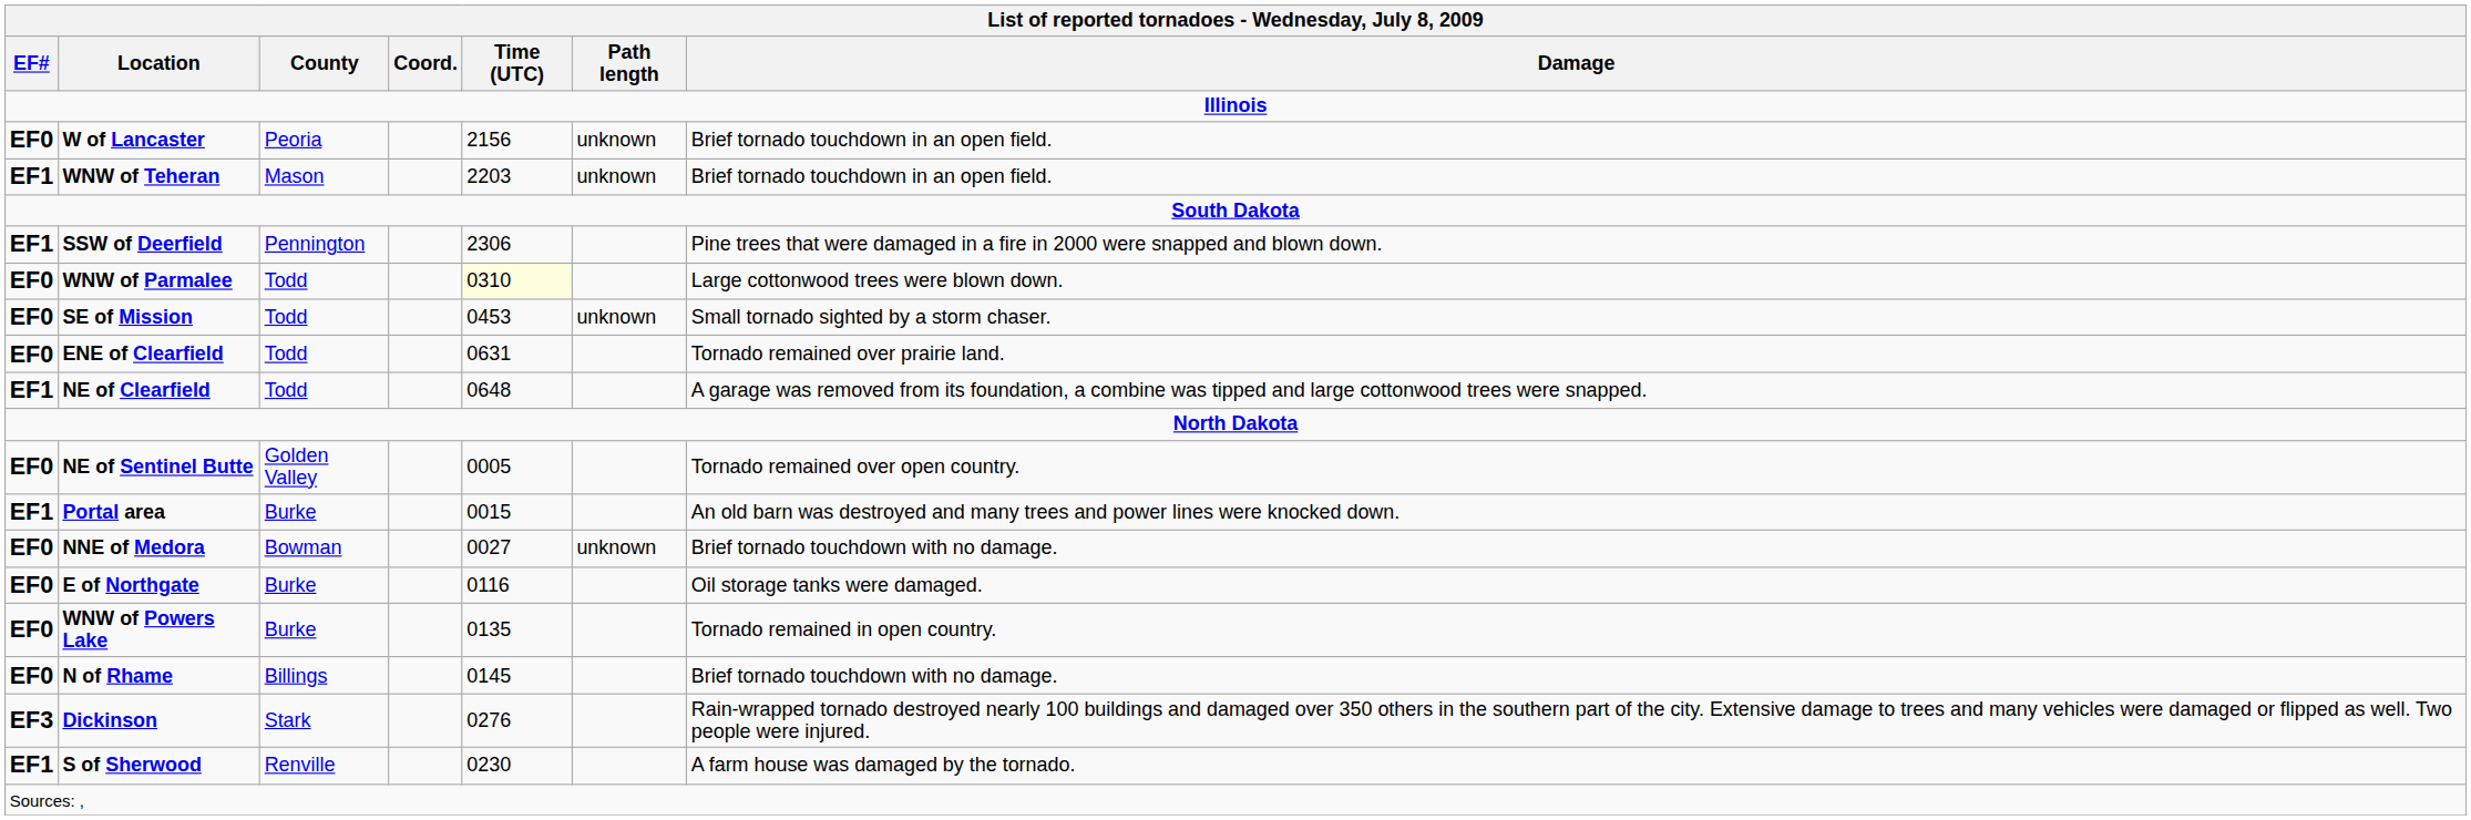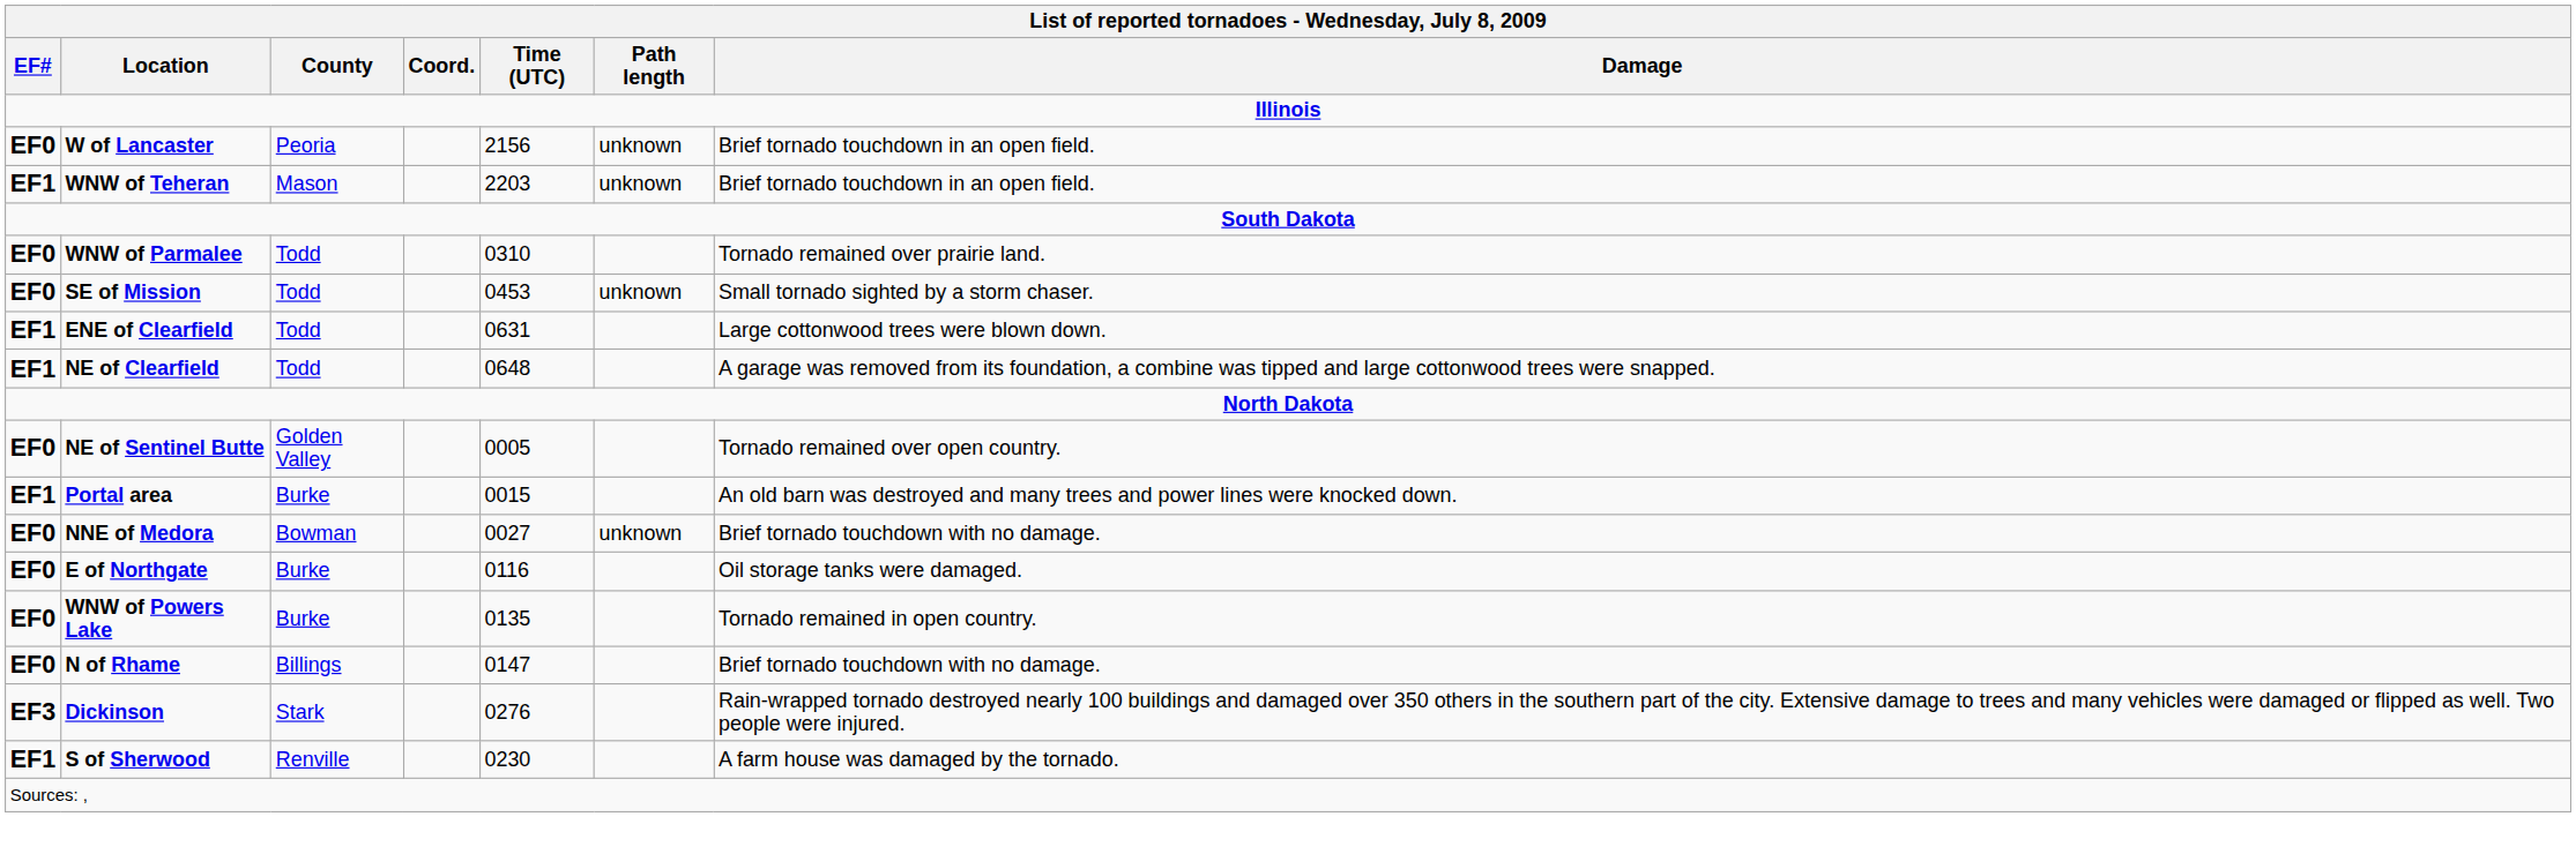 <table class="wikitable collapsible" style="width:100%;">
 <tr>
 <th colspan="7">List of reported tornadoes - Wednesday, July 8, 2009</th>
 </tr>
 <tr>
 <th><a href='#'>EF#</a></th>
 <th>Location</th>
 <th>County</th>
 <th>Coord.</th>
 <th>Time (UTC)</th>
 <th>Path length</th>
 <th>Damage</th>
 </tr>
 <tr>
 <td colspan="7" style="text-align:center;"><strong><a href='#'>Illinois</a></strong></td>
 </tr>
 <tr>
 <td><big><strong>EF0</strong></big></td>
 <td><strong>W of <a href='#'>Lancaster</a></strong></td>
 <td><a href='#'>Peoria</a></td>
 <td></td>
 <td>2156</td>
 <td>unknown</td>
 <td>Brief tornado touchdown in an open field.</td>
 </tr>
 <tr>
 <td><big><strong>EF1</strong></big></td>
 <td><strong>WNW of <a href='#'>Teheran</a></strong></td>
 <td><a href='#'>Mason</a></td>
 <td></td>
 <td>2203</td>
 <td>unknown</td>
 <td>Brief tornado touchdown in an open field.</td>
 </tr>
 <tr>
 <td colspan="7" style="text-align:center;"><strong><a href='#'>South Dakota</a></strong></td>
 </tr>
 <tr>
-<td><big><strong>EF1</strong></big></td>
-<td><strong>SSW of <a href='#'>Deerfield</a></strong></td>
-<td><a href='#'>Pennington</a></td>
-<td></td>
-<td>2306</td>
-<td></td>
-<td>Pine trees that were damaged in a fire in 2000 were snapped and blown down.</td>
-</tr>
-<tr>
 <td><big><strong>EF0</strong></big></td>
 <td><strong>WNW of <a href='#'>Parmalee</a></strong></td>
 <td><a href='#'>Todd</a></td>
 <td></td>
-<td style="background: lightyellow;">0310</td>
+<td>0310</td>
 <td></td>
-<td>Large cottonwood trees were blown down.</td>
+<td>Tornado remained over prairie land.</td>
 </tr>
 <tr>
 <td><big><strong>EF0</strong></big></td>
 <td><strong>SE of <a href='#'>Mission</a></strong></td>
 <td><a href='#'>Todd</a></td>
 <td></td>
 <td>0453</td>
 <td>unknown</td>
 <td>Small tornado sighted by a storm chaser.</td>
 </tr>
 <tr>
-<td><big><strong>EF0</strong></big></td>
+<td><big><strong>EF1</strong></big></td>
 <td><strong>ENE of <a href='#'>Clearfield</a></strong></td>
 <td><a href='#'>Todd</a></td>
 <td></td>
 <td>0631</td>
 <td></td>
-<td>Tornado remained over prairie land.</td>
+<td>Large cottonwood trees were blown down.</td>
 </tr>
 <tr>
 <td><big><strong>EF1</strong></big></td>
 <td><strong>NE of <a href='#'>Clearfield</a></strong></td>
 <td><a href='#'>Todd</a></td>
 <td></td>
 <td>0648</td>
 <td></td>
 <td>A garage was removed from its foundation, a combine was tipped and large cottonwood trees were snapped.</td>
 </tr>
 <tr>
 <td colspan="7" style="text-align:center;"><strong><a href='#'>North Dakota</a></strong></td>
 </tr>
 <tr>
 <td><big><strong>EF0</strong></big></td>
 <td><strong>NE of <a href='#'>Sentinel Butte</a></strong></td>
 <td><a href='#'>Golden Valley</a></td>
 <td></td>
 <td>0005</td>
 <td></td>
 <td>Tornado remained over open country.</td>
 </tr>
 <tr>
 <td><big><strong>EF1</strong></big></td>
 <td><strong><a href='#'>Portal</a> area</strong></td>
 <td><a href='#'>Burke</a></td>
 <td></td>
 <td>0015</td>
 <td></td>
 <td>An old barn was destroyed and many trees and power lines were knocked down.</td>
 </tr>
 <tr>
 <td><big><strong>EF0</strong></big></td>
 <td><strong>NNE of <a href='#'>Medora</a></strong></td>
 <td><a href='#'>Bowman</a></td>
 <td></td>
 <td>0027</td>
 <td>unknown</td>
 <td>Brief tornado touchdown with no damage.</td>
 </tr>
 <tr>
 <td><big><strong>EF0</strong></big></td>
 <td><strong>E of <a href='#'>Northgate</a></strong></td>
 <td><a href='#'>Burke</a></td>
 <td></td>
 <td>0116</td>
 <td></td>
 <td>Oil storage tanks were damaged.</td>
 </tr>
 <tr>
 <td><big><strong>EF0</strong></big></td>
 <td><strong>WNW of <a href='#'>Powers Lake</a></strong></td>
 <td><a href='#'>Burke</a></td>
 <td></td>
 <td>0135</td>
 <td></td>
 <td>Tornado remained in open country.</td>
 </tr>
 <tr>
 <td><big><strong>EF0</strong></big></td>
 <td><strong>N of <a href='#'>Rhame</a></strong></td>
 <td><a href='#'>Billings</a></td>
 <td></td>
-<td>0145</td>
+<td>0147</td>
 <td></td>
 <td>Brief tornado touchdown with no damage.</td>
 </tr>
 <tr>
 <td><big><strong>EF3</strong></big></td>
 <td><strong><a href='#'>Dickinson</a></strong></td>
 <td><a href='#'>Stark</a></td>
 <td></td>
 <td>0276</td>
 <td></td>
 <td>Rain-wrapped tornado destroyed nearly 100 buildings and damaged over 350 others in the southern part of the city. Extensive damage to trees and many vehicles were damaged or flipped as well. Two people were injured.</td>
 </tr>
 <tr>
 <td><big><strong>EF1</strong></big></td>
 <td><strong>S of <a href='#'>Sherwood</a></strong></td>
 <td><a href='#'>Renville</a></td>
 <td></td>
 <td>0230</td>
 <td></td>
 <td>A farm house was damaged by the tornado.</td>
 </tr>
 <tr>
 <td colspan="7"><small>Sources: , </small></td>
 </tr>
 </table>
